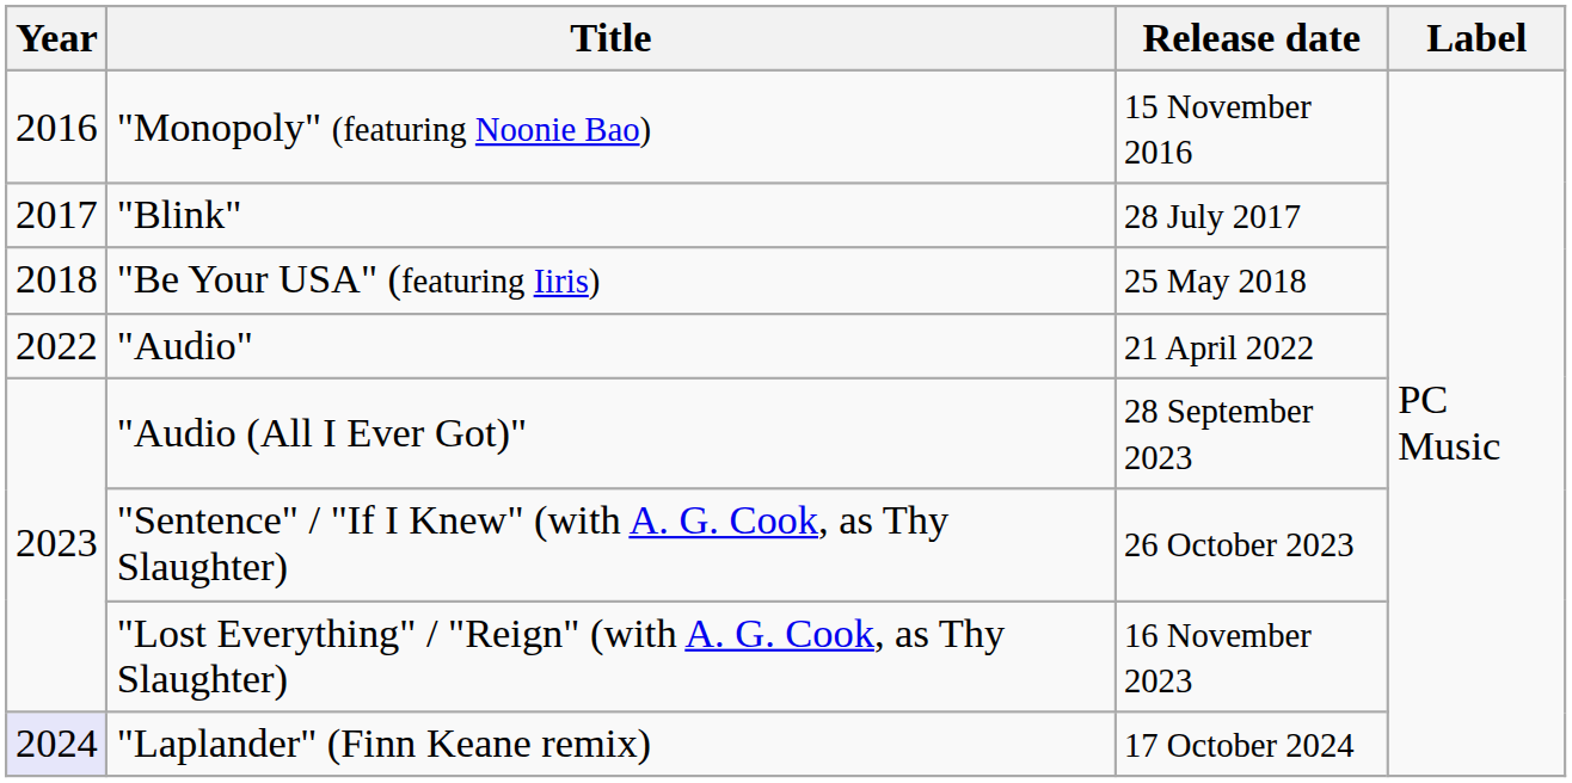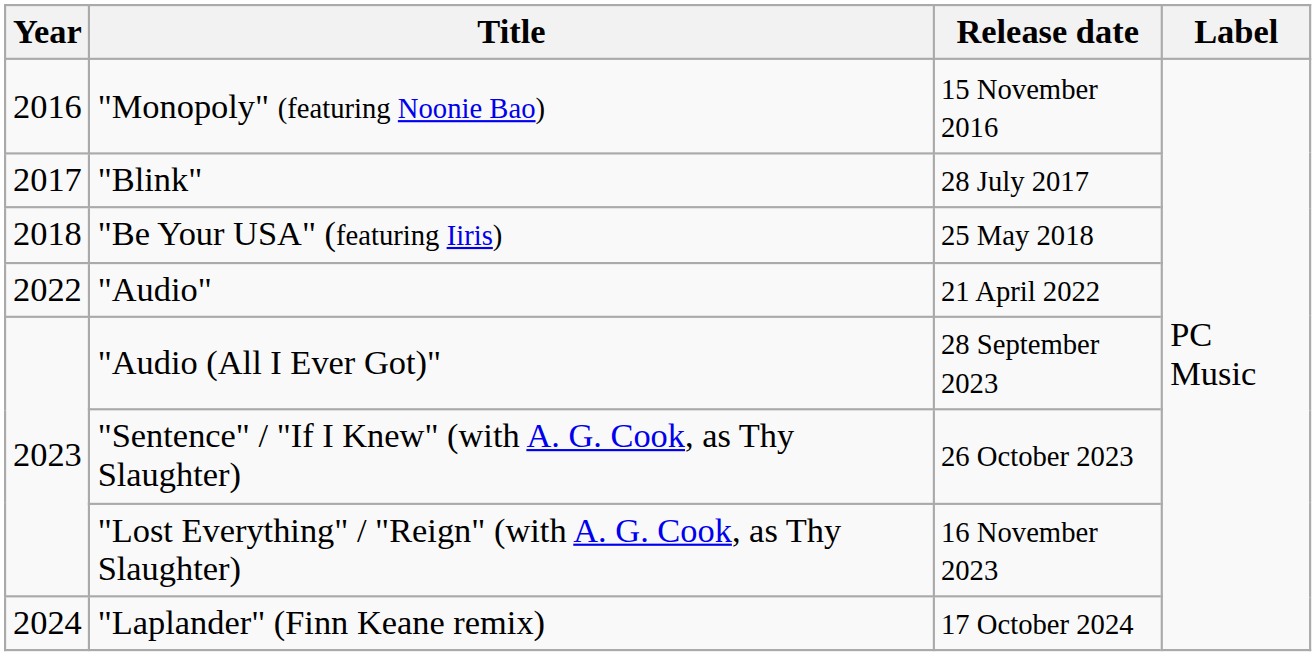 <table class="wikitable">
 <tr>
 <th>Year</th>
 <th>Title</th>
 <th>Release date</th>
 <th>Label</th>
 </tr>
 <tr>
 <td rowspan="1">2016</td>
 <td>"Monopoly" <small>(featuring <a href='#'>Noonie Bao</a>)</small></td>
 <td><small>15 November 2016</small></td>
 <td rowspan="8">PC Music</td>
 </tr>
 <tr>
 <td>2017</td>
 <td>"Blink"</td>
 <td><small>28 July 2017</small></td>
 </tr>
 <tr>
 <td>2018</td>
 <td>"Be Your USA" (<small>featuring <a href='#'>Iiris</a>)</small></td>
 <td><small>25 May 2018</small></td>
 </tr>
 <tr>
 <td>2022</td>
 <td>"Audio"</td>
 <td><small>21 April 2022</small></td>
 </tr>
 <tr>
 <td rowspan="3">2023</td>
 <td>"Audio (All I Ever Got)"</td>
 <td><small>28 September 2023</small></td>
 </tr>
 <tr>
 <td>"Sentence" / "If I Knew" (with <a href='#'>A. G. Cook</a>, as Thy Slaughter)</td>
 <td><small>26 October 2023</small></td>
 </tr>
 <tr>
 <td>"Lost Everything" / "Reign" (with <a href='#'>A. G. Cook</a>, as Thy Slaughter)</td>
 <td><small>16 November 2023</small></td>
 </tr>
 <tr>
-<td style="background: lavender;">2024</td>
+<td>2024</td>
 <td>"Laplander" (Finn Keane remix)</td>
 <td><small>17 October 2024</small></td>
 </tr>
 </table>
